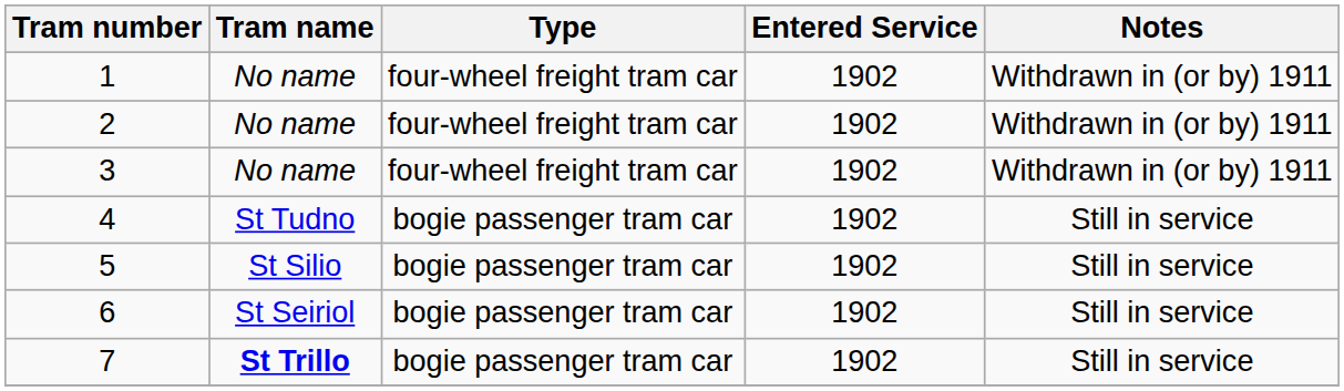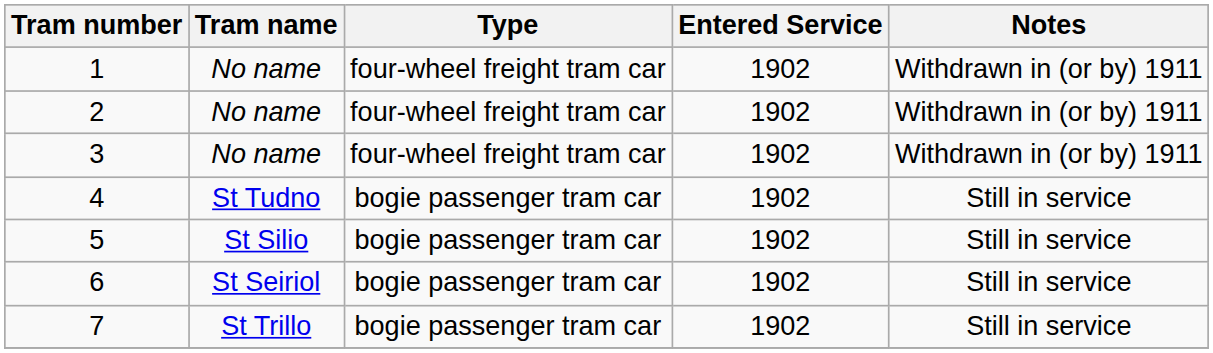 <table class="wikitable">
 <tr>
 <th>Tram number</th>
 <th>Tram name</th>
 <th>Type</th>
 <th>Entered Service</th>
 <th>Notes</th>
 </tr>
 <tr>
 <td align=center>1</td>
 <td align=center><em>No name</em></td>
 <td align=center> four-wheel freight tram car</td>
 <td align=center>1902</td>
 <td align=center>Withdrawn in (or by) 1911</td>
 </tr>
 <tr>
 <td align=center>2</td>
 <td align=center><em>No name</em></td>
 <td align=center> four-wheel freight tram car</td>
 <td align=center>1902</td>
 <td align=center>Withdrawn in (or by) 1911</td>
 </tr>
 <tr>
 <td align=center>3</td>
 <td align=center><em>No name</em></td>
 <td align=center> four-wheel freight tram car</td>
 <td align=center>1902</td>
 <td align=center>Withdrawn in (or by) 1911</td>
 </tr>
 <tr>
 <td align=center>4</td>
 <td align=center><a href='#'>St Tudno</a></td>
 <td align=center> bogie passenger tram car</td>
 <td align=center>1902</td>
 <td align=center>Still in service</td>
 </tr>
 <tr>
 <td align=center>5</td>
 <td align=center><a href='#'>St Silio</a></td>
 <td align=center> bogie passenger tram car</td>
 <td align=center>1902</td>
 <td align=center>Still in service</td>
 </tr>
 <tr>
 <td align=center>6</td>
 <td align=center><a href='#'>St Seiriol</a></td>
 <td align=center> bogie passenger tram car</td>
 <td align=center>1902</td>
 <td align=center>Still in service</td>
 </tr>
 <tr>
 <td align=center>7</td>
-<td align=center><strong><a href='#'>St Trillo</a></strong></td>
+<td align=center><a href='#'>St Trillo</a></td>
 <td align=center> bogie passenger tram car</td>
 <td align=center>1902</td>
 <td align=center>Still in service</td>
 </tr>
 <tr>
 </tr>
 </table>
